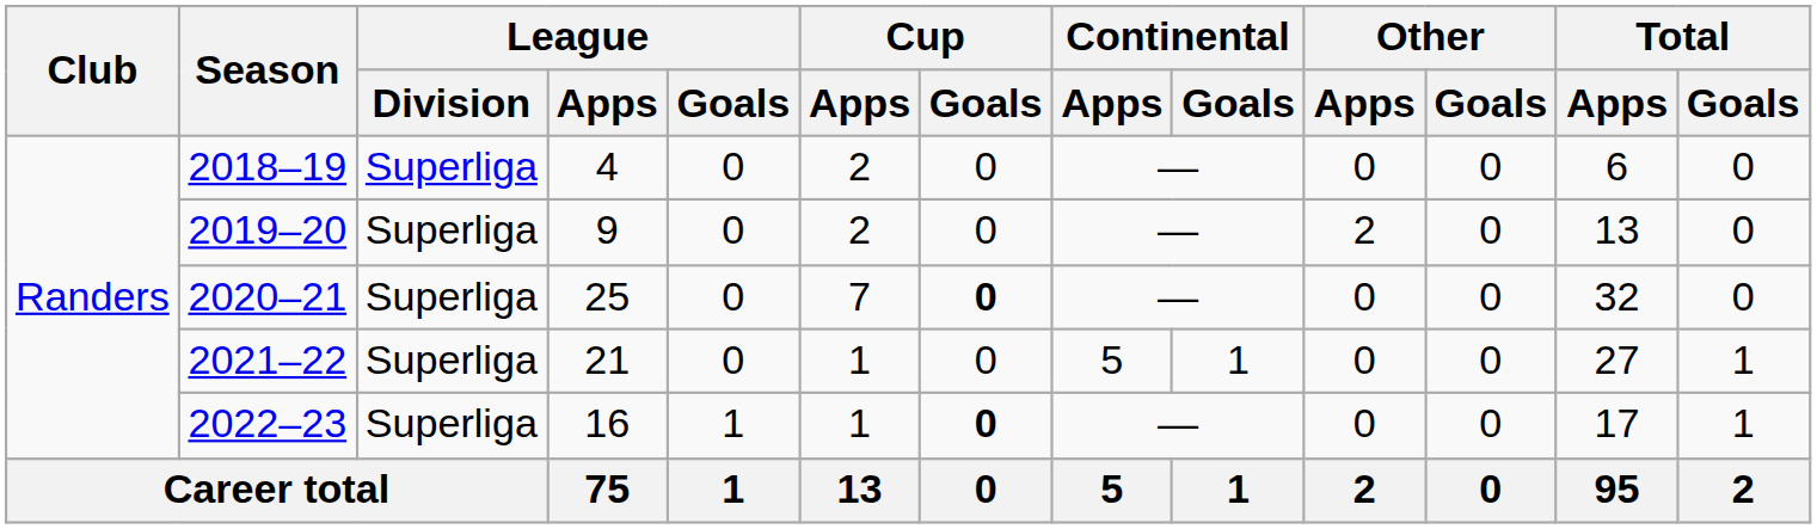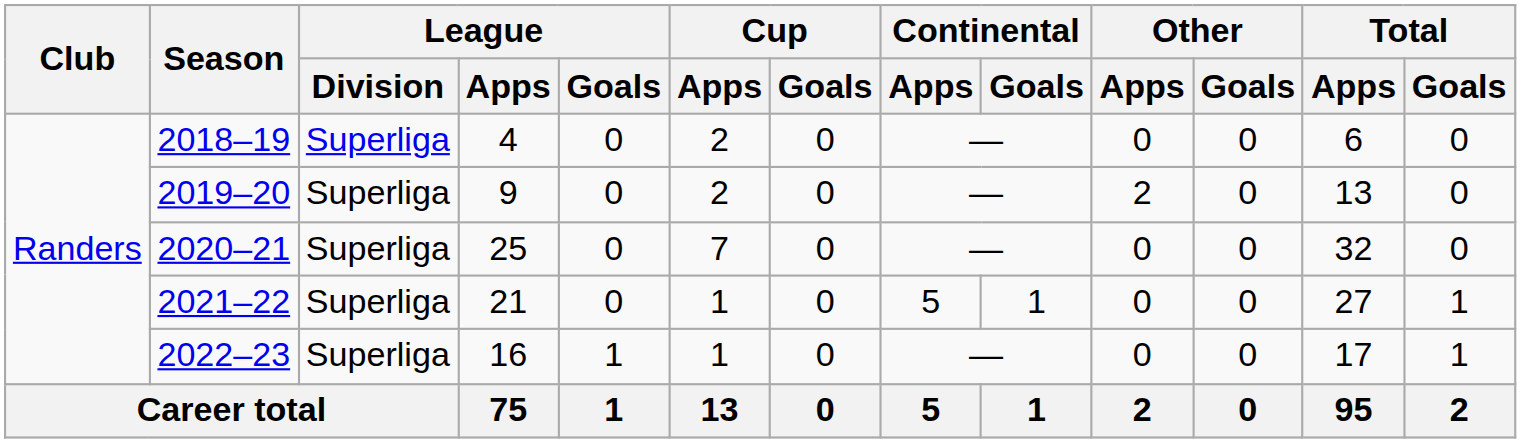 <table class="wikitable" style="text-align:center">
 <tr>
 <th rowspan="2">Club</th>
 <th rowspan="2">Season</th>
 <th colspan="3">League</th>
 <th colspan="2">Cup</th>
 <th colspan="2">Continental</th>
 <th colspan="2">Other</th>
 <th colspan="2">Total</th>
 </tr>
 <tr>
 <th>Division</th>
 <th>Apps</th>
 <th>Goals</th>
 <th>Apps</th>
 <th>Goals</th>
 <th>Apps</th>
 <th>Goals</th>
 <th>Apps</th>
 <th>Goals</th>
 <th>Apps</th>
 <th>Goals</th>
 </tr>
 <tr>
 <td rowspan="5"><a href='#'>Randers</a></td>
 <td><a href='#'>2018–19</a></td>
 <td><a href='#'>Superliga</a></td>
 <td>4</td>
 <td>0</td>
 <td>2</td>
 <td>0</td>
 <td colspan="2">—</td>
 <td>0</td>
 <td>0</td>
 <td>6</td>
 <td>0</td>
 </tr>
 <tr>
 <td><a href='#'>2019–20</a></td>
 <td>Superliga</td>
 <td>9</td>
 <td>0</td>
 <td>2</td>
 <td>0</td>
 <td colspan="2">—</td>
 <td>2</td>
 <td>0</td>
 <td>13</td>
 <td>0</td>
 </tr>
 <tr>
 <td><a href='#'>2020–21</a></td>
 <td>Superliga</td>
 <td>25</td>
 <td>0</td>
 <td>7</td>
-<td><strong>0</strong></td>
+<td>0</td>
 <td colspan="2">—</td>
 <td>0</td>
 <td>0</td>
 <td>32</td>
 <td>0</td>
 </tr>
 <tr>
 <td><a href='#'>2021–22</a></td>
 <td>Superliga</td>
 <td>21</td>
 <td>0</td>
 <td>1</td>
 <td>0</td>
 <td>5</td>
 <td>1</td>
 <td>0</td>
 <td>0</td>
 <td>27</td>
 <td>1</td>
 </tr>
 <tr>
 <td><a href='#'>2022–23</a></td>
 <td>Superliga</td>
 <td>16</td>
 <td>1</td>
 <td>1</td>
-<td><strong>0</strong></td>
+<td>0</td>
 <td colspan="2">—</td>
 <td>0</td>
 <td>0</td>
 <td>17</td>
 <td>1</td>
 </tr>
 <tr>
 <th colspan="3">Career total</th>
 <th>75</th>
 <th>1</th>
 <th>13</th>
 <th>0</th>
 <th>5</th>
 <th>1</th>
 <th>2</th>
 <th>0</th>
 <th>95</th>
 <th>2</th>
 </tr>
 </table>
